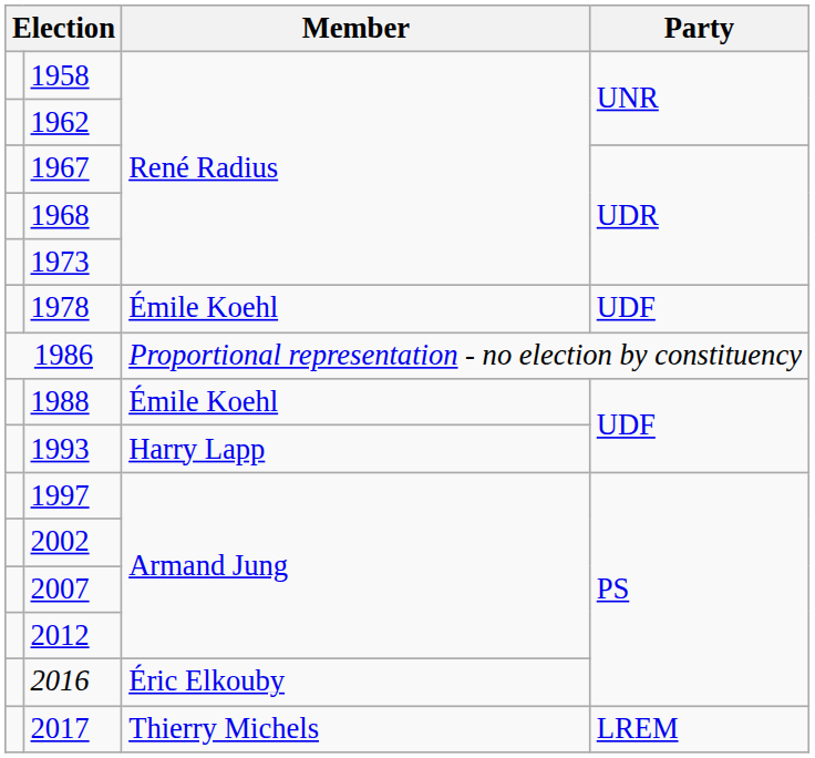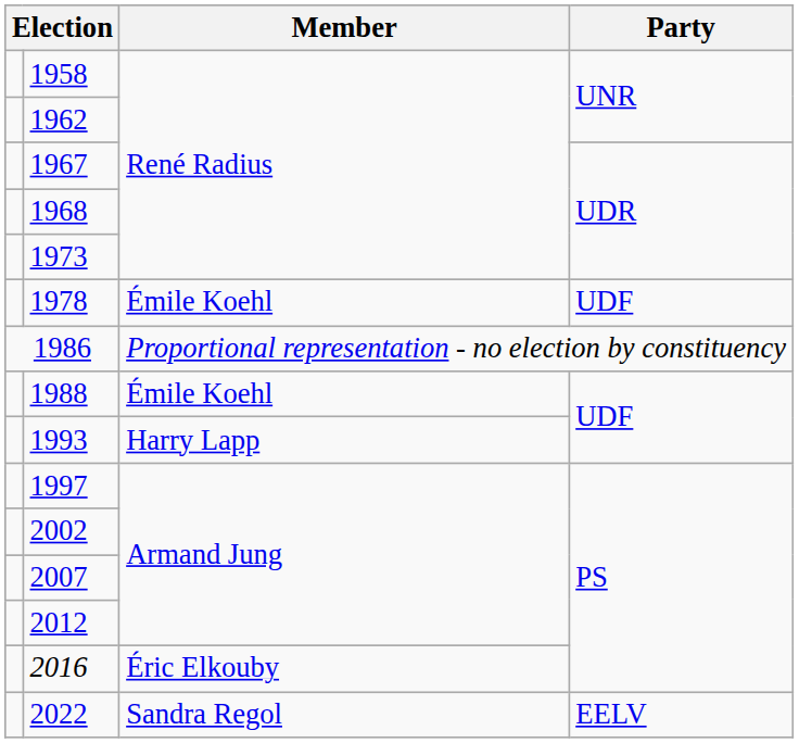 <table class="wikitable">
 <tr>
 <th colspan="2">Election</th>
 <th>Member</th>
 <th>Party</th>
 </tr>
 <tr>
 <td style="background-color: "></td>
 <td><a href='#'>1958</a></td>
 <td rowspan="5"><a href='#'>René Radius</a></td>
 <td rowspan="2"><a href='#'>UNR</a></td>
 </tr>
 <tr>
 <td style="background-color: "></td>
 <td><a href='#'>1962</a></td>
 </tr>
 <tr>
 <td style="background-color: "></td>
 <td><a href='#'>1967</a></td>
 <td rowspan="3"><a href='#'>UDR</a></td>
 </tr>
 <tr>
 <td style="background-color: "></td>
 <td><a href='#'>1968</a></td>
 </tr>
 <tr>
 <td style="background-color: "></td>
 <td><a href='#'>1973</a></td>
 </tr>
 <tr>
 <td style="background-color: "></td>
 <td><a href='#'>1978</a></td>
 <td><a href='#'>Émile Koehl</a></td>
 <td><a href='#'>UDF</a></td>
 </tr>
 <tr>
 <td colspan="2" align="center"><a href='#'>1986</a></td>
 <td colspan="2"><em><a href='#'>Proportional representation</a> - no election by constituency</em></td>
 </tr>
 <tr>
 <td style="background-color: "></td>
 <td><a href='#'>1988</a></td>
 <td><a href='#'>Émile Koehl</a></td>
 <td rowspan="2"><a href='#'>UDF</a></td>
 </tr>
 <tr>
 <td style="background-color: "></td>
 <td><a href='#'>1993</a></td>
 <td><a href='#'>Harry Lapp</a></td>
 </tr>
 <tr>
 <td style="background-color: "></td>
 <td><a href='#'>1997</a></td>
 <td rowspan="4"><a href='#'>Armand Jung</a></td>
 <td rowspan="5"><a href='#'>PS</a></td>
 </tr>
 <tr>
 <td style="background-color: "></td>
 <td><a href='#'>2002</a></td>
 </tr>
 <tr>
 <td style="background-color: "></td>
 <td><a href='#'>2007</a></td>
 </tr>
 <tr>
 <td style="background-color: "></td>
 <td><a href='#'>2012</a></td>
 </tr>
 <tr>
 <td style="background-color: "></td>
 <td><em>2016</em></td>
 <td><a href='#'>Éric Elkouby</a></td>
 </tr>
 <tr>
 <td style="background-color: "></td>
-<td><a href='#'>2017</a></td>
-<td><a href='#'>Thierry Michels</a></td>
-<td><a href='#'>LREM</a></td>
+<td><a href='#'>2022</a></td>
+<td><a href='#'>Sandra Regol</a></td>
+<td><a href='#'>EELV</a></td>
 </tr>
 </table>
